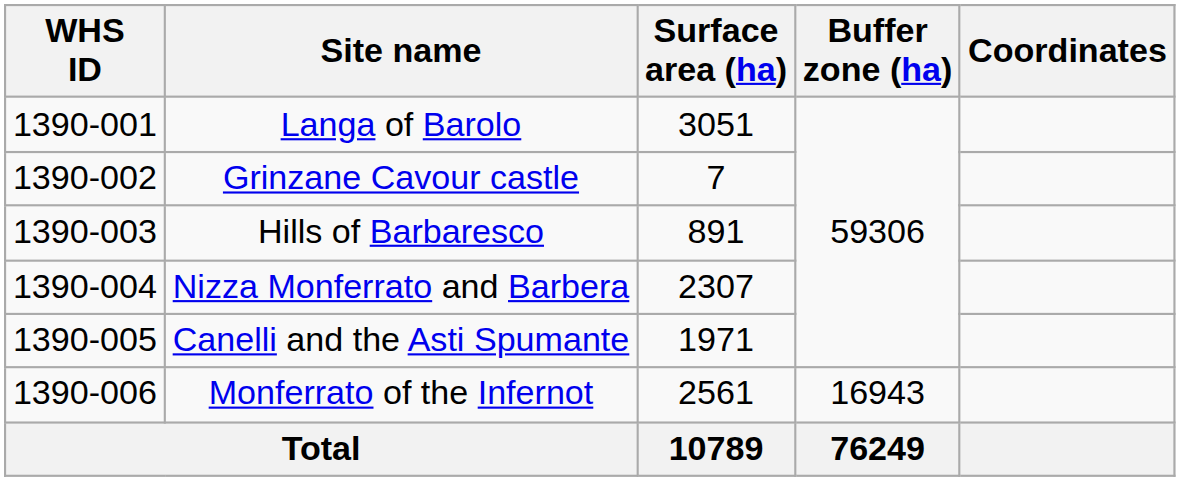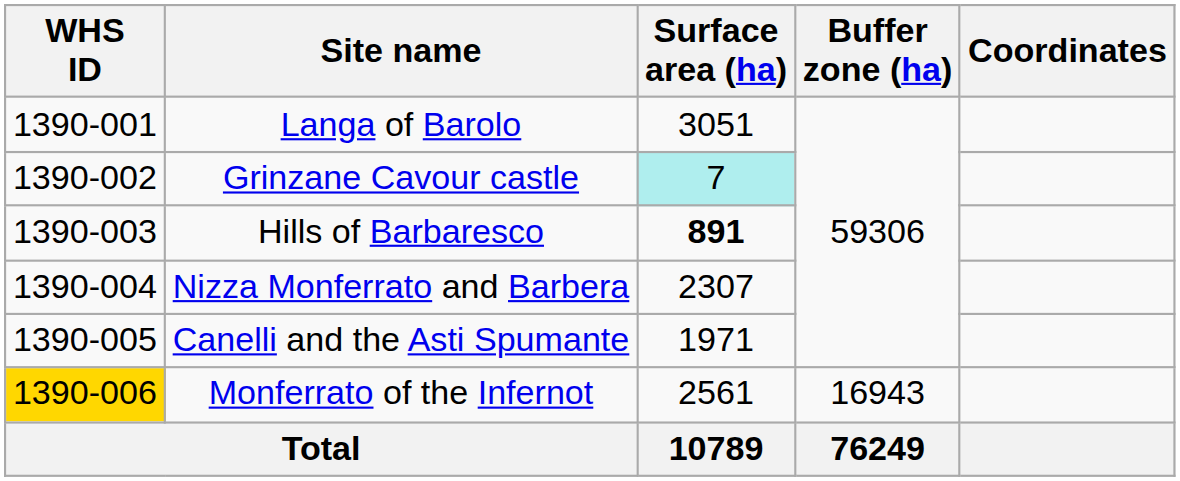 <table class="wikitable sortable" style="text-align:center">
 <tr>
 <th>WHS<br>ID</th>
 <th>Site name</th>
 <th>Surface<br>area (<a href='#'>ha</a>)</th>
 <th>Buffer<br>zone (<a href='#'>ha</a>)</th>
 <th>Coordinates</th>
 </tr>
 <tr>
 <td>1390-001</td>
 <td><a href='#'>Langa</a> of <a href='#'>Barolo</a></td>
 <td>3051</td>
 <td rowspan="5">59306</td>
 <td></td>
 </tr>
 <tr>
 <td>1390-002</td>
 <td><a href='#'>Grinzane Cavour castle</a></td>
-<td>7</td>
+<td style="background: paleturquoise;">7</td>
 <td></td>
 </tr>
 <tr>
 <td>1390-003</td>
 <td>Hills of <a href='#'>Barbaresco</a></td>
-<td>891</td>
+<td><strong>891</strong></td>
 <td></td>
 </tr>
 <tr>
 <td>1390-004</td>
 <td><a href='#'>Nizza Monferrato</a> and <a href='#'>Barbera</a></td>
 <td>2307</td>
 <td></td>
 </tr>
 <tr>
 <td>1390-005</td>
 <td><a href='#'>Canelli</a> and the <a href='#'>Asti Spumante</a></td>
 <td>1971</td>
 <td></td>
 </tr>
 <tr>
-<td>1390-006</td>
+<td style="background: gold;">1390-006</td>
 <td><a href='#'>Monferrato</a> of the <a href='#'>Infernot</a></td>
 <td>2561</td>
 <td>16943</td>
 <td></td>
 </tr>
 <tr>
 <th colspan=2>Total</th>
 <th>10789</th>
 <th>76249</th>
 <th></th>
 </tr>
 </table>
